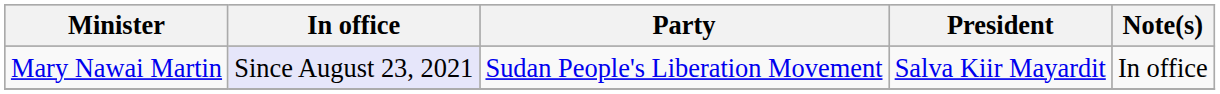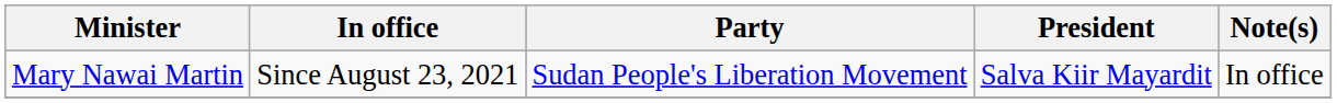 <table class="wikitable">
 <tr>
 <th>Minister</th>
 <th>In office</th>
 <th>Party</th>
 <th>President</th>
 <th>Note(s)</th>
 </tr>
 <tr>
 <td><a href='#'>Mary Nawai Martin</a></td>
-<td style="background: lavender;">Since August 23, 2021</td>
+<td>Since August 23, 2021</td>
 <td><a href='#'>Sudan People's Liberation Movement</a></td>
 <td><a href='#'>Salva Kiir Mayardit</a></td>
 <td>In office</td>
 </tr>
 <tr>
 </tr>
 </table>
